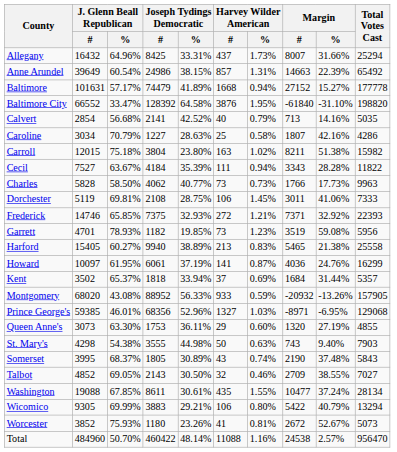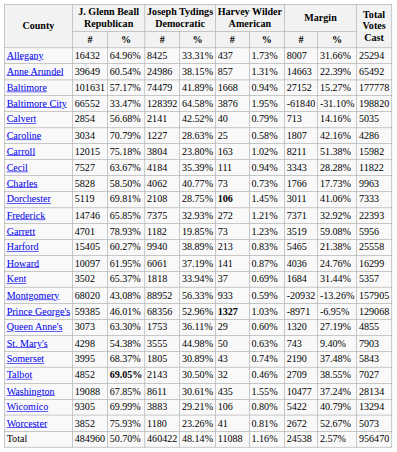 <table class="wikitable sortable">
 <tr>
 <th rowspan="2">County</th>
 <th colspan="2" >J. Glenn Beall<br>Republican</th>
 <th colspan="2" >Joseph Tydings<br>Democratic</th>
 <th colspan="2" >Harvey Wilder<br>American</th>
 <th colspan="2">Margin</th>
 <th rowspan="2">Total<br>Votes<br>Cast</th>
 </tr>
 <tr>
 <th>#</th>
 <th>%</th>
 <th>#</th>
 <th>%</th>
 <th>#</th>
 <th>%</th>
 <th>#</th>
 <th>%</th>
 </tr>
 <tr>
 <td><a href='#'>Allegany</a></td>
 <td>16432</td>
 <td>64.96%</td>
 <td>8425</td>
 <td>33.31%</td>
 <td>437</td>
 <td>1.73%</td>
 <td>8007</td>
 <td>31.66%</td>
 <td>25294</td>
 </tr>
 <tr>
 <td><a href='#'>Anne Arundel</a></td>
 <td>39649</td>
 <td>60.54%</td>
 <td>24986</td>
 <td>38.15%</td>
 <td>857</td>
 <td>1.31%</td>
 <td>14663</td>
 <td>22.39%</td>
 <td>65492</td>
 </tr>
 <tr>
 <td><a href='#'>Baltimore</a></td>
 <td>101631</td>
 <td>57.17%</td>
 <td>74479</td>
 <td>41.89%</td>
 <td>1668</td>
 <td>0.94%</td>
 <td>27152</td>
 <td>15.27%</td>
 <td>177778</td>
 </tr>
 <tr>
 <td><a href='#'>Baltimore City</a></td>
 <td>66552</td>
 <td>33.47%</td>
 <td>128392</td>
 <td>64.58%</td>
 <td>3876</td>
 <td>1.95%</td>
 <td>-61840</td>
 <td>-31.10%</td>
 <td>198820</td>
 </tr>
 <tr>
 <td><a href='#'>Calvert</a></td>
 <td>2854</td>
 <td>56.68%</td>
 <td>2141</td>
 <td>42.52%</td>
 <td>40</td>
 <td>0.79%</td>
 <td>713</td>
 <td>14.16%</td>
 <td>5035</td>
 </tr>
 <tr>
 <td><a href='#'>Caroline</a></td>
 <td>3034</td>
 <td>70.79%</td>
 <td>1227</td>
 <td>28.63%</td>
 <td>25</td>
 <td>0.58%</td>
 <td>1807</td>
 <td>42.16%</td>
 <td>4286</td>
 </tr>
 <tr>
 <td><a href='#'>Carroll</a></td>
 <td>12015</td>
 <td>75.18%</td>
 <td>3804</td>
 <td>23.80%</td>
 <td>163</td>
 <td>1.02%</td>
 <td>8211</td>
 <td>51.38%</td>
 <td>15982</td>
 </tr>
 <tr>
 <td><a href='#'>Cecil</a></td>
 <td>7527</td>
 <td>63.67%</td>
 <td>4184</td>
 <td>35.39%</td>
 <td>111</td>
 <td>0.94%</td>
 <td>3343</td>
 <td>28.28%</td>
 <td>11822</td>
 </tr>
 <tr>
 <td><a href='#'>Charles</a></td>
 <td>5828</td>
 <td>58.50%</td>
 <td>4062</td>
 <td>40.77%</td>
 <td>73</td>
 <td>0.73%</td>
 <td>1766</td>
 <td>17.73%</td>
 <td>9963</td>
 </tr>
 <tr>
 <td><a href='#'>Dorchester</a></td>
 <td>5119</td>
 <td>69.81%</td>
 <td>2108</td>
 <td>28.75%</td>
-<td>106</td>
+<td><strong>106</strong></td>
 <td>1.45%</td>
 <td>3011</td>
 <td>41.06%</td>
 <td>7333</td>
 </tr>
 <tr>
 <td><a href='#'>Frederick</a></td>
 <td>14746</td>
 <td>65.85%</td>
 <td>7375</td>
 <td>32.93%</td>
 <td>272</td>
 <td>1.21%</td>
 <td>7371</td>
 <td>32.92%</td>
 <td>22393</td>
 </tr>
 <tr>
 <td><a href='#'>Garrett</a></td>
 <td>4701</td>
 <td>78.93%</td>
 <td>1182</td>
 <td>19.85%</td>
 <td>73</td>
 <td>1.23%</td>
 <td>3519</td>
 <td>59.08%</td>
 <td>5956</td>
 </tr>
 <tr>
 <td><a href='#'>Harford</a></td>
 <td>15405</td>
 <td>60.27%</td>
 <td>9940</td>
 <td>38.89%</td>
 <td>213</td>
 <td>0.83%</td>
 <td>5465</td>
 <td>21.38%</td>
 <td>25558</td>
 </tr>
 <tr>
 <td><a href='#'>Howard</a></td>
 <td>10097</td>
 <td>61.95%</td>
 <td>6061</td>
 <td>37.19%</td>
 <td>141</td>
 <td>0.87%</td>
 <td>4036</td>
 <td>24.76%</td>
 <td>16299</td>
 </tr>
 <tr>
 <td><a href='#'>Kent</a></td>
 <td>3502</td>
 <td>65.37%</td>
 <td>1818</td>
 <td>33.94%</td>
 <td>37</td>
 <td>0.69%</td>
 <td>1684</td>
 <td>31.44%</td>
 <td>5357</td>
 </tr>
 <tr>
 <td><a href='#'>Montgomery</a></td>
 <td>68020</td>
 <td>43.08%</td>
 <td>88952</td>
 <td>56.33%</td>
 <td>933</td>
 <td>0.59%</td>
 <td>-20932</td>
 <td>-13.26%</td>
 <td>157905</td>
 </tr>
 <tr>
 <td><a href='#'>Prince George's</a></td>
 <td>59385</td>
 <td>46.01%</td>
 <td>68356</td>
 <td>52.96%</td>
-<td>1327</td>
+<td><strong>1327</strong></td>
 <td>1.03%</td>
 <td>-8971</td>
 <td>-6.95%</td>
 <td>129068</td>
 </tr>
 <tr>
 <td><a href='#'>Queen Anne's</a></td>
 <td>3073</td>
 <td>63.30%</td>
 <td>1753</td>
 <td>36.11%</td>
 <td>29</td>
 <td>0.60%</td>
 <td>1320</td>
 <td>27.19%</td>
 <td>4855</td>
 </tr>
 <tr>
 <td><a href='#'>St. Mary's</a></td>
 <td>4298</td>
 <td>54.38%</td>
 <td>3555</td>
 <td>44.98%</td>
 <td>50</td>
 <td>0.63%</td>
 <td>743</td>
 <td>9.40%</td>
 <td>7903</td>
 </tr>
 <tr>
 <td><a href='#'>Somerset</a></td>
 <td>3995</td>
 <td>68.37%</td>
 <td>1805</td>
 <td>30.89%</td>
 <td>43</td>
 <td>0.74%</td>
 <td>2190</td>
 <td>37.48%</td>
 <td>5843</td>
 </tr>
 <tr>
 <td><a href='#'>Talbot</a></td>
 <td>4852</td>
-<td>69.05%</td>
+<td><strong>69.05%</strong></td>
 <td>2143</td>
 <td>30.50%</td>
 <td>32</td>
 <td>0.46%</td>
 <td>2709</td>
 <td>38.55%</td>
 <td>7027</td>
 </tr>
 <tr>
 <td><a href='#'>Washington</a></td>
 <td>19088</td>
 <td>67.85%</td>
 <td>8611</td>
 <td>30.61%</td>
 <td>435</td>
 <td>1.55%</td>
 <td>10477</td>
 <td>37.24%</td>
 <td>28134</td>
 </tr>
 <tr>
 <td><a href='#'>Wicomico</a></td>
 <td>9305</td>
 <td>69.99%</td>
 <td>3883</td>
 <td>29.21%</td>
 <td>106</td>
 <td>0.80%</td>
 <td>5422</td>
 <td>40.79%</td>
 <td>13294</td>
 </tr>
 <tr>
 <td><a href='#'>Worcester</a></td>
 <td>3852</td>
 <td>75.93%</td>
 <td>1180</td>
 <td>23.26%</td>
 <td>41</td>
 <td>0.81%</td>
 <td>2672</td>
 <td>52.67%</td>
 <td>5073</td>
 </tr>
 <tr>
 <td>Total</td>
 <td>484960</td>
 <td>50.70%</td>
 <td>460422</td>
 <td>48.14%</td>
 <td>11088</td>
 <td>1.16%</td>
 <td>24538</td>
 <td>2.57%</td>
 <td>956470</td>
 </tr>
 </table>
